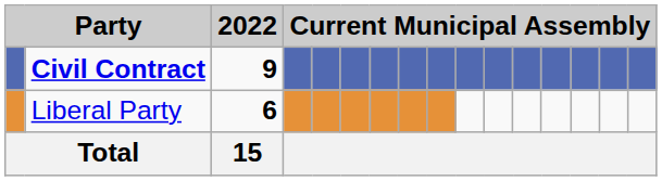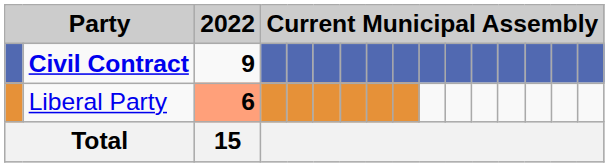 <table class="wikitable">
 <tr>
 <th colspan="2" style="background:#ccc">Party</th>
 <th style="background:#ccc">2022</th>
 <th colspan="14" style="background:#ccc">Current Municipal Assembly</th>
 </tr>
 <tr>
 <td style="background-color: #5169B1"> </td>
 <td><a href='#'><strong>Civil Contract</strong></a></td>
 <td style="text-align: right"><strong>9</strong></td>
 <td style="background-color: #5169B1"> </td>
 <td style="background-color: #5169B1"> </td>
 <td style="background-color: #5169B1"> </td>
 <td style="background-color: #5169B1"> </td>
 <td style="background-color: #5169B1"> </td>
 <td style="background-color: #5169B1"> </td>
 <td style="background-color: #5169B1"> </td>
 <td style="background-color: #5169B1"> </td>
 <td style="background-color: #5169B1"> </td>
 <td style="background-color: #5169B1"> </td>
 <td style="background-color: #5169B1"> </td>
 <td style="background-color: #5169B1"> </td>
 <td style="background-color: #5169B1"> </td>
 </tr>
 <tr>
 <td style="background-color: #E69138"> </td>
 <td><a href='#'>Liberal Party</a></td>
-<td style="text-align: right"><strong>6</strong></td>
+<td style="background: lightsalmon; text-align: right"><strong>6</strong></td>
 <td style="background-color: #E69138"> </td>
 <td style="background-color: #E69138"> </td>
 <td style="background-color: #E69138"> </td>
 <td style="background-color: #E69138"> </td>
 <td style="background-color: #E69138"> </td>
 <td style="background-color: #E69138"> </td>
 <td></td>
 <td></td>
 <td></td>
 <td></td>
 <td></td>
 <td></td>
 <td></td>
 </tr>
 <tr>
 <th colspan="2">Total</th>
 <th align="right">15</th>
 <th colspan="14"> </th>
 </tr>
 </table>
